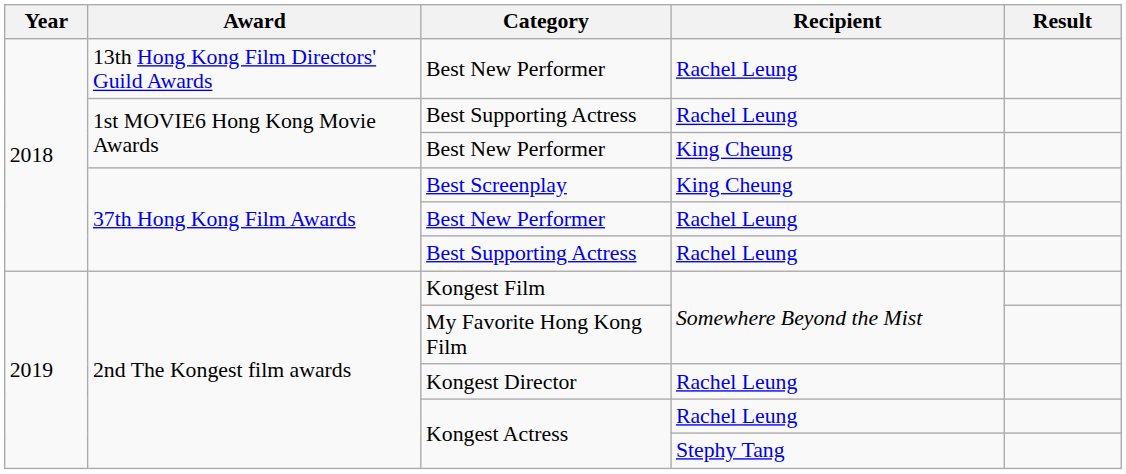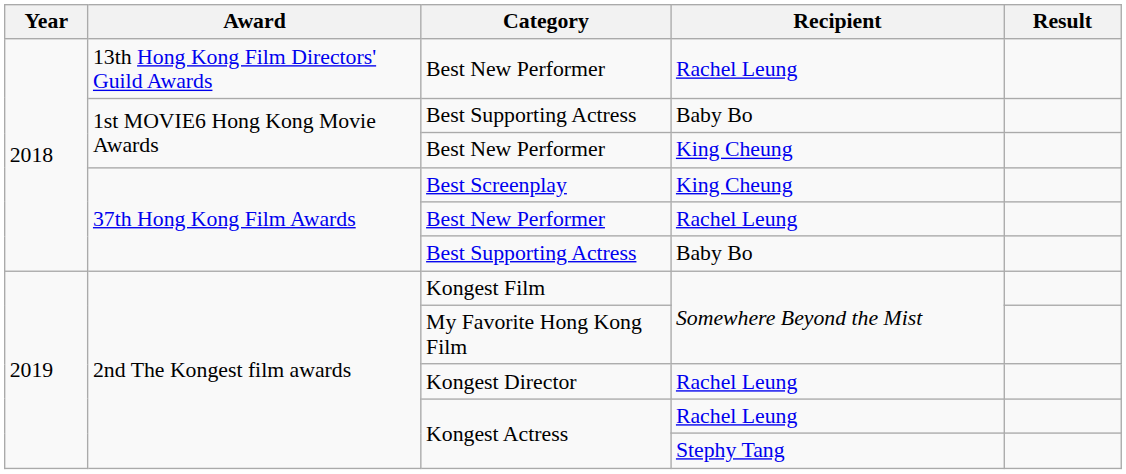 <table class="wikitable" width="65%">
 <tr align=center>
 <th width="5%">Year</th>
 <th width="20%">Award</th>
 <th width="15%">Category</th>
 <th width="20%">Recipient</th>
 <th width="7%">Result</th>
 </tr>
 <tr>
 <td rowspan="6">2018</td>
 <td>13th <a href='#'>Hong Kong Film Directors' Guild Awards</a></td>
 <td>Best New Performer</td>
 <td><a href='#'>Rachel Leung</a></td>
 <td></td>
 </tr>
 <tr>
 <td rowspan="2">1st MOVIE6 Hong Kong Movie Awards</td>
 <td>Best Supporting Actress</td>
-<td><a href='#'>Rachel Leung</a></td>
+<td>Baby Bo</td>
 <td></td>
 </tr>
 <tr>
 <td>Best New Performer</td>
 <td><a href='#'>King Cheung</a></td>
 <td></td>
 </tr>
 <tr>
 <td rowspan="3"><a href='#'>37th Hong Kong Film Awards</a></td>
 <td><a href='#'>Best Screenplay</a></td>
 <td><a href='#'>King Cheung</a></td>
 <td></td>
 </tr>
 <tr>
 <td><a href='#'>Best New Performer</a></td>
 <td><a href='#'>Rachel Leung</a></td>
 <td></td>
 </tr>
 <tr>
 <td><a href='#'>Best Supporting Actress</a></td>
-<td><a href='#'>Rachel Leung</a></td>
+<td>Baby Bo</td>
 <td></td>
 </tr>
 <tr>
 <td rowspan="5">2019</td>
 <td rowspan="5">2nd The Kongest film awards</td>
 <td>Kongest Film</td>
 <td rowspan="2"><em>Somewhere Beyond the Mist</em></td>
 <td></td>
 </tr>
 <tr>
 <td>My Favorite Hong Kong Film</td>
 <td></td>
 </tr>
 <tr>
 <td>Kongest Director</td>
 <td><a href='#'>Rachel Leung</a></td>
 <td></td>
 </tr>
 <tr>
 <td rowspan="2">Kongest Actress</td>
 <td><a href='#'>Rachel Leung</a></td>
 <td></td>
 </tr>
 <tr>
 <td><a href='#'>Stephy Tang</a></td>
 <td></td>
 </tr>
 </table>
